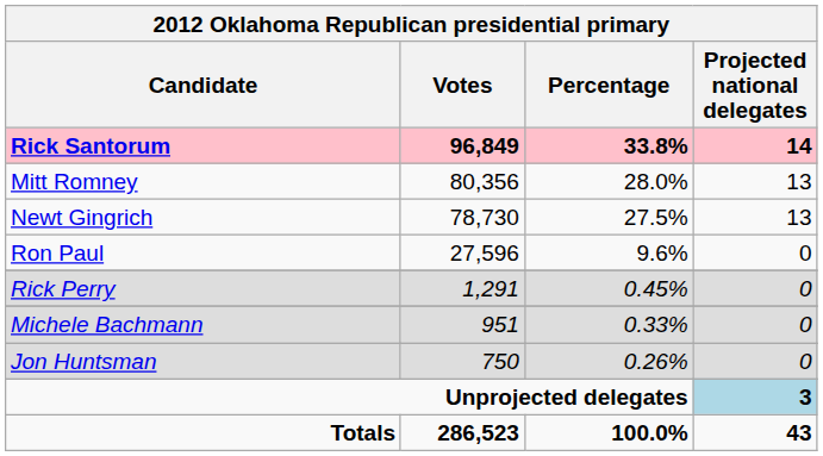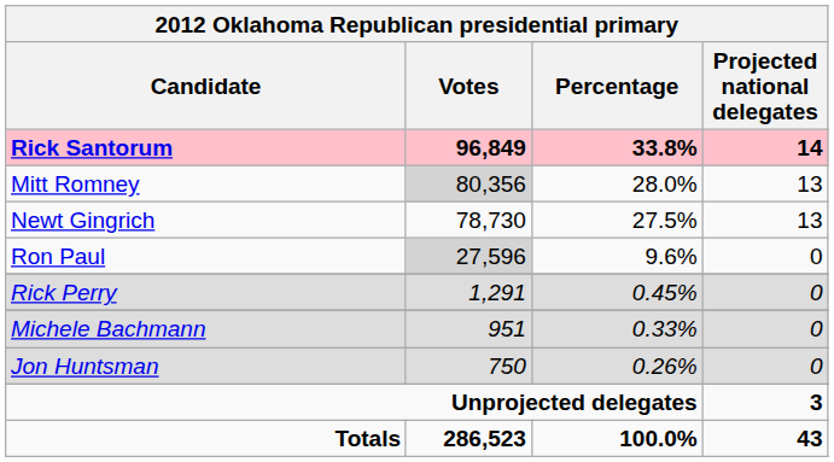 <table class="wikitable" style="font-size: 95%; text-align:right;">
 <tr>
 <th colspan="4">2012 Oklahoma Republican presidential primary</th>
 </tr>
 <tr>
 <th style="width: 17em">Candidate</th>
 <th style="width: 5em">Votes</th>
 <th style="width: 7em">Percentage</th>
 <th style="width: 5em">Projected national delegates</th>
 </tr>
 <tr align="right" bgcolor="pink">
 <td align="left"> <strong><a href='#'>Rick Santorum</a></strong></td>
 <td><strong>96,849</strong></td>
 <td><strong>33.8%</strong></td>
 <td><strong>14</strong></td>
 </tr>
 <tr>
 <td align="left"><a href='#'>Mitt Romney</a></td>
-<td>80,356</td>
+<td style="background: lightgrey;">80,356</td>
 <td>28.0%</td>
 <td>13</td>
 </tr>
 <tr>
 <td align="left"><a href='#'>Newt Gingrich</a></td>
 <td>78,730</td>
 <td>27.5%</td>
 <td>13</td>
 </tr>
 <tr>
 <td align="left"><a href='#'>Ron Paul</a></td>
-<td>27,596</td>
+<td style="background: lightgrey;">27,596</td>
 <td>9.6%</td>
 <td>0</td>
 </tr>
 <tr>
 </tr>
 <tr bgcolor="#DDDDDD">
 <td style="text-align:left;"><em><a href='#'>Rick Perry</a></em></td>
 <td><em>1,291</em></td>
 <td><em>0.45%</em></td>
 <td><em>0</em></td>
 </tr>
 <tr>
 </tr>
 <tr bgcolor="#DDDDDD">
 <td style="text-align:left;"><em><a href='#'>Michele Bachmann</a></em></td>
 <td><em>951</em></td>
 <td><em>0.33%</em></td>
 <td><em>0</em></td>
 </tr>
 <tr>
 </tr>
 <tr bgcolor="#DDDDDD">
 <td style="text-align:left;"><a href='#'><em>Jon Huntsman</em></a></td>
 <td><em>750</em></td>
 <td><em>0.26%</em></td>
 <td><em>0</em></td>
 </tr>
 <tr>
 </tr>
 <tr>
 <td colspan="3"><strong>Unprojected delegates</strong></td>
-<td style="background: lightblue;"><strong>3</strong></td>
+<td><strong>3</strong></td>
 </tr>
 <tr>
 <td><strong>Totals</strong></td>
 <td><strong>286,523</strong></td>
 <td><strong>100.0%</strong></td>
 <td><strong>43</strong></td>
 </tr>
 </table>
